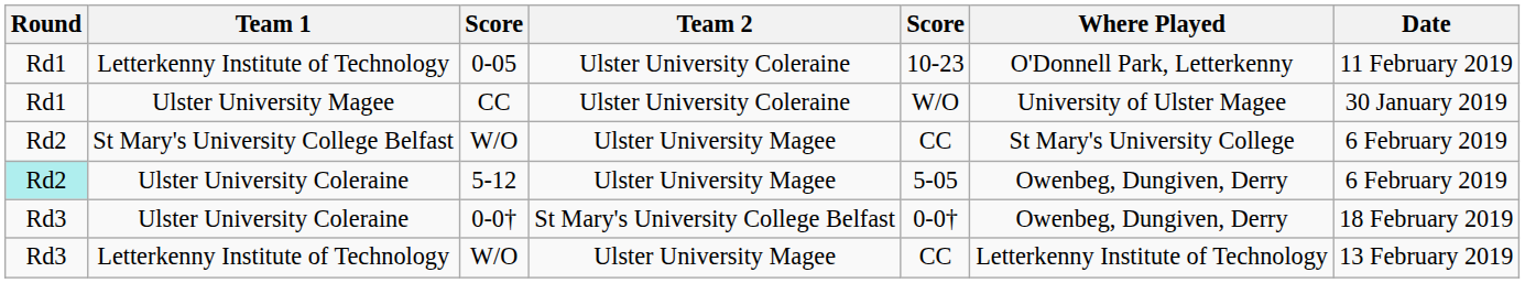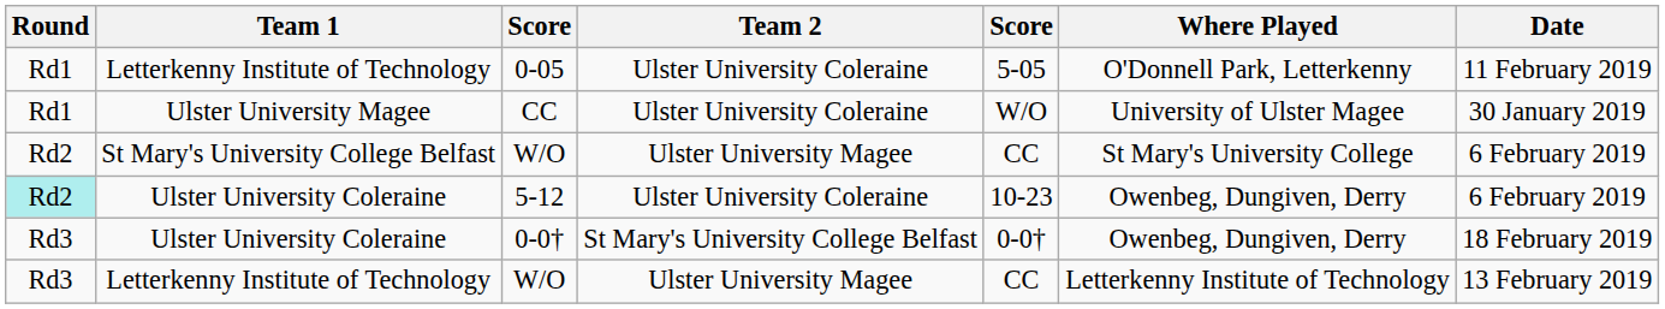 <table class="wikitable">
 <tr style="background:#efefef">
 <th>Round</th>
 <th>Team 1</th>
 <th>Score</th>
 <th>Team 2</th>
 <th>Score</th>
 <th>Where Played</th>
 <th>Date</th>
 </tr>
 <tr align="center">
 <td>Rd1</td>
 <td>Letterkenny Institute of Technology</td>
 <td>0-05</td>
 <td>Ulster University Coleraine</td>
-<td>10-23</td>
+<td>5-05</td>
 <td>O'Donnell Park, Letterkenny</td>
 <td>11 February 2019</td>
 </tr>
 <tr align="center">
 <td>Rd1</td>
 <td>Ulster University Magee</td>
 <td>CC</td>
 <td>Ulster University Coleraine</td>
 <td>W/O</td>
 <td>University of Ulster Magee</td>
 <td>30 January 2019</td>
 </tr>
 <tr align="center">
 <td>Rd2</td>
 <td>St Mary's University College Belfast</td>
 <td>W/O</td>
 <td>Ulster University Magee</td>
 <td>CC</td>
 <td>St Mary's University College</td>
 <td>6 February 2019</td>
 </tr>
 <tr align="center">
 <td style="background: paleturquoise;">Rd2</td>
 <td>Ulster University Coleraine</td>
 <td>5-12</td>
-<td>Ulster University Magee</td>
-<td>5-05</td>
+<td>Ulster University Coleraine</td>
+<td>10-23</td>
 <td>Owenbeg, Dungiven, Derry</td>
 <td>6 February 2019</td>
 </tr>
 <tr align="center">
 <td>Rd3</td>
 <td>Ulster University Coleraine</td>
 <td>0-0†</td>
 <td>St Mary's University College Belfast</td>
 <td>0-0†</td>
 <td>Owenbeg, Dungiven, Derry</td>
 <td>18 February 2019</td>
 </tr>
 <tr align="center">
 <td>Rd3</td>
 <td>Letterkenny Institute of Technology</td>
 <td>W/O</td>
 <td>Ulster University Magee</td>
 <td>CC</td>
 <td>Letterkenny Institute of Technology</td>
 <td>13 February 2019</td>
 </tr>
 </table>
